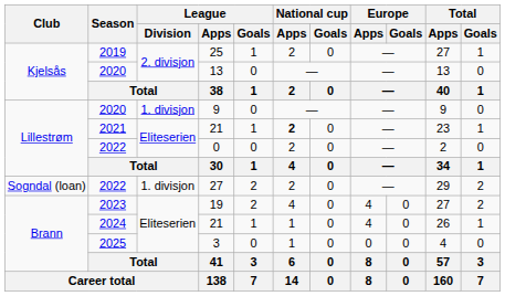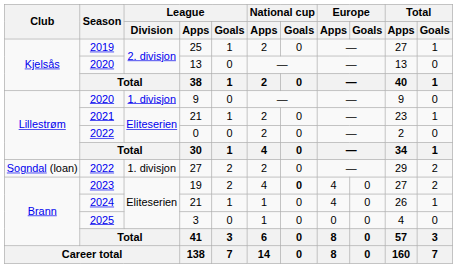 <table class="wikitable" style="text-align: center;">
 <tr>
 <th rowspan="2">Club</th>
 <th rowspan="2">Season</th>
 <th colspan="3">League</th>
 <th colspan="2">National cup</th>
 <th colspan="2">Europe</th>
 <th colspan="2">Total</th>
 </tr>
 <tr>
 <th>Division</th>
 <th>Apps</th>
 <th>Goals</th>
 <th>Apps</th>
 <th>Goals</th>
 <th>Apps</th>
 <th>Goals</th>
 <th>Apps</th>
 <th>Goals</th>
 </tr>
 <tr>
 <td rowspan="3"><a href='#'>Kjelsås</a></td>
 <td><a href='#'>2019</a></td>
 <td rowspan="2"><a href='#'>2. divisjon</a></td>
 <td>25</td>
 <td>1</td>
 <td>2</td>
 <td>0</td>
 <td colspan="2">—</td>
 <td>27</td>
 <td>1</td>
 </tr>
 <tr>
 <td><a href='#'>2020</a></td>
 <td>13</td>
 <td>0</td>
 <td colspan="2">—</td>
 <td colspan="2">—</td>
 <td>13</td>
 <td>0</td>
 </tr>
 <tr>
 <th colspan="2">Total</th>
 <th>38</th>
 <th>1</th>
 <th>2</th>
 <th>0</th>
 <th colspan="2">—</th>
 <th>40</th>
 <th>1</th>
 </tr>
 <tr>
 <td rowspan="4"><a href='#'>Lillestrøm</a></td>
 <td><a href='#'>2020</a></td>
 <td><a href='#'>1. divisjon</a></td>
 <td>9</td>
 <td>0</td>
 <td colspan="2">—</td>
 <td colspan="2">—</td>
 <td>9</td>
 <td>0</td>
 </tr>
 <tr>
 <td><a href='#'>2021</a></td>
 <td rowspan="2"><a href='#'>Eliteserien</a></td>
 <td>21</td>
 <td>1</td>
-<td><strong>2</strong></td>
+<td>2</td>
 <td>0</td>
 <td colspan="2">—</td>
 <td>23</td>
 <td>1</td>
 </tr>
 <tr>
 <td><a href='#'>2022</a></td>
 <td>0</td>
 <td>0</td>
 <td>2</td>
 <td>0</td>
 <td colspan="2">—</td>
 <td>2</td>
 <td>0</td>
 </tr>
 <tr>
 <th colspan="2">Total</th>
 <th>30</th>
 <th>1</th>
 <th>4</th>
 <th>0</th>
 <th colspan="2">—</th>
 <th>34</th>
 <th>1</th>
 </tr>
 <tr>
 <td><a href='#'>Sogndal</a> (loan)</td>
 <td><a href='#'>2022</a></td>
 <td>1. divisjon</td>
 <td>27</td>
 <td>2</td>
 <td>2</td>
 <td>0</td>
 <td colspan="2">—</td>
 <td>29</td>
 <td>2</td>
 </tr>
 <tr>
 <td rowspan="4"><a href='#'>Brann</a></td>
 <td><a href='#'>2023</a></td>
 <td rowspan="3">Eliteserien</td>
 <td>19</td>
 <td>2</td>
 <td>4</td>
-<td>0</td>
+<td><strong>0</strong></td>
 <td>4</td>
 <td>0</td>
 <td>27</td>
 <td>2</td>
 </tr>
 <tr>
 <td><a href='#'>2024</a></td>
 <td>21</td>
 <td>1</td>
 <td>1</td>
 <td>0</td>
 <td>4</td>
 <td>0</td>
 <td>26</td>
 <td>1</td>
 </tr>
 <tr>
 <td><a href='#'>2025</a></td>
 <td>3</td>
 <td>0</td>
 <td>1</td>
 <td>0</td>
 <td>0</td>
 <td>0</td>
 <td>4</td>
 <td>0</td>
 </tr>
 <tr>
 <th colspan="2">Total</th>
 <th>41</th>
 <th>3</th>
 <th>6</th>
 <th>0</th>
 <th>8</th>
 <th>0</th>
 <th>57</th>
 <th>3</th>
 </tr>
 <tr>
 <th colspan="3">Career total</th>
 <th>138</th>
 <th>7</th>
 <th>14</th>
 <th>0</th>
 <th>8</th>
 <th>0</th>
 <th>160</th>
 <th>7</th>
 </tr>
 </table>
